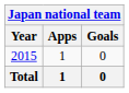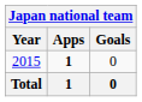 <table class="wikitable" style="text-align:center">
 <tr>
 <th colspan=3><a href='#'>Japan national team</a></th>
 </tr>
 <tr>
 <th>Year</th>
 <th>Apps</th>
 <th>Goals</th>
 </tr>
 <tr>
 <td><a href='#'>2015</a></td>
-<td>1</td>
+<td><strong>1</strong></td>
 <td>0</td>
 </tr>
 <tr>
 <th>Total</th>
 <th>1</th>
 <th>0</th>
 </tr>
 </table>
